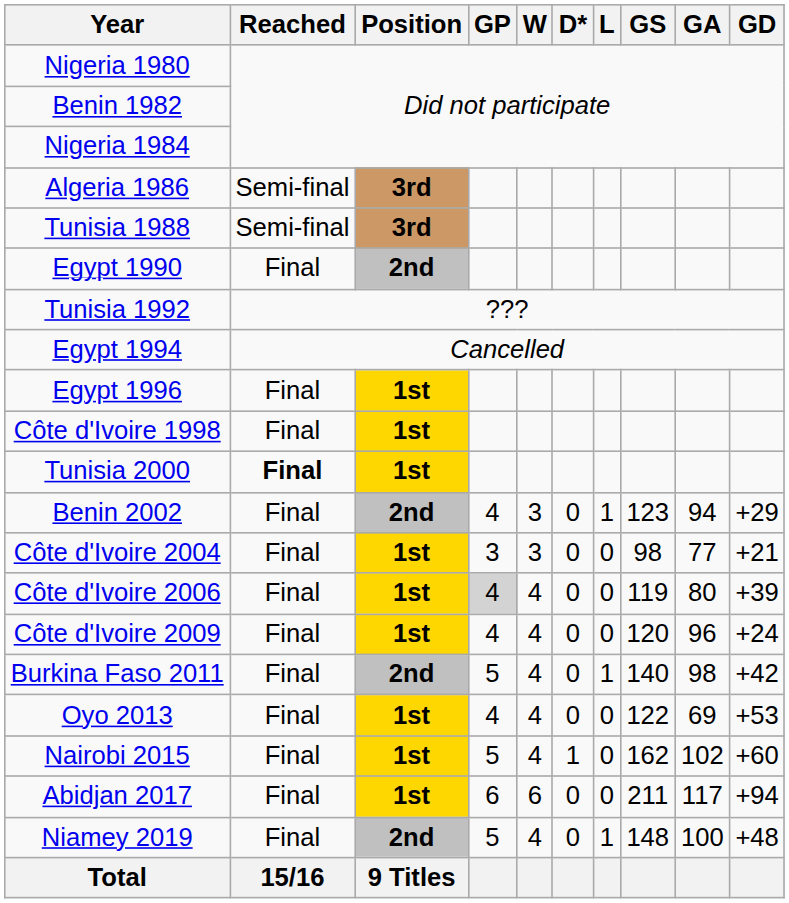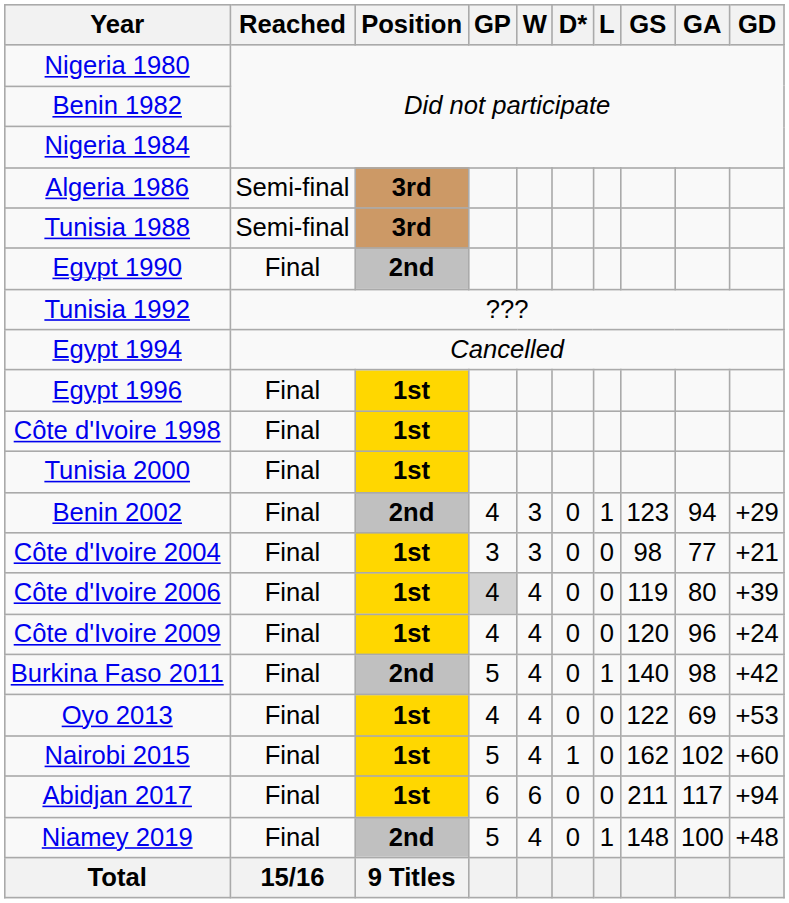 <table class="wikitable" style="text-align: center;">
 <tr>
 <th>Year</th>
 <th>Reached</th>
 <th>Position</th>
 <th>GP</th>
 <th>W</th>
 <th>D*</th>
 <th>L</th>
 <th>GS</th>
 <th>GA</th>
 <th>GD</th>
 </tr>
 <tr>
 <td><a href='#'>Nigeria 1980</a></td>
 <td rowspan="3" colspan="9"><em>Did not participate</em></td>
 </tr>
 <tr>
 <td><a href='#'>Benin 1982</a></td>
 </tr>
 <tr>
 <td><a href='#'>Nigeria 1984</a></td>
 </tr>
 <tr>
 <td><a href='#'>Algeria 1986</a></td>
 <td>Semi-final</td>
 <td bgcolor=#cc9966><strong>3rd</strong></td>
 <td></td>
 <td></td>
 <td></td>
 <td></td>
 <td></td>
 <td></td>
 <td></td>
 </tr>
 <tr>
 <td><a href='#'>Tunisia 1988</a></td>
 <td>Semi-final</td>
 <td bgcolor=#cc9966><strong>3rd</strong></td>
 <td></td>
 <td></td>
 <td></td>
 <td></td>
 <td></td>
 <td></td>
 <td></td>
 </tr>
 <tr>
 <td><a href='#'>Egypt 1990</a></td>
 <td>Final</td>
 <td bgcolor=silver><strong>2nd</strong></td>
 <td></td>
 <td></td>
 <td></td>
 <td></td>
 <td></td>
 <td></td>
 <td></td>
 </tr>
 <tr>
 <td><a href='#'>Tunisia 1992</a></td>
 <td colspan="9">???</td>
 </tr>
 <tr>
 <td><a href='#'>Egypt 1994</a></td>
 <td colspan="9"><em>Cancelled</em></td>
 </tr>
 <tr>
 <td><a href='#'>Egypt 1996</a></td>
 <td>Final</td>
 <td bgcolor=gold><strong>1st</strong></td>
 <td></td>
 <td></td>
 <td></td>
 <td></td>
 <td></td>
 <td></td>
 <td></td>
 </tr>
 <tr>
 <td><a href='#'>Côte d'Ivoire 1998</a></td>
 <td>Final</td>
 <td bgcolor=gold><strong>1st</strong></td>
 <td></td>
 <td></td>
 <td></td>
 <td></td>
 <td></td>
 <td></td>
 <td></td>
 </tr>
 <tr>
 <td><a href='#'>Tunisia 2000</a></td>
-<td><strong>Final</strong></td>
+<td>Final</td>
 <td bgcolor=gold><strong>1st</strong></td>
 <td></td>
 <td></td>
 <td></td>
 <td></td>
 <td></td>
 <td></td>
 <td></td>
 </tr>
 <tr>
 <td><a href='#'>Benin 2002</a></td>
 <td>Final</td>
 <td bgcolor=silver><strong>2nd</strong></td>
 <td>4</td>
 <td>3</td>
 <td>0</td>
 <td>1</td>
 <td>123</td>
 <td>94</td>
 <td>+29</td>
 </tr>
 <tr>
 <td><a href='#'>Côte d'Ivoire 2004</a></td>
 <td>Final</td>
 <td bgcolor=gold><strong>1st</strong></td>
 <td>3</td>
 <td>3</td>
 <td>0</td>
 <td>0</td>
 <td>98</td>
 <td>77</td>
 <td>+21</td>
 </tr>
 <tr>
 <td><a href='#'>Côte d'Ivoire 2006</a></td>
 <td>Final</td>
 <td bgcolor=gold><strong>1st</strong></td>
 <td style="background: lightgrey;">4</td>
 <td>4</td>
 <td>0</td>
 <td>0</td>
 <td>119</td>
 <td>80</td>
 <td>+39</td>
 </tr>
 <tr>
 <td><a href='#'>Côte d'Ivoire 2009</a></td>
 <td>Final</td>
 <td bgcolor=gold><strong>1st</strong></td>
 <td>4</td>
 <td>4</td>
 <td>0</td>
 <td>0</td>
 <td>120</td>
 <td>96</td>
 <td>+24</td>
 </tr>
 <tr>
 <td><a href='#'>Burkina Faso 2011</a></td>
 <td>Final</td>
 <td bgcolor=silver><strong>2nd</strong></td>
 <td>5</td>
 <td>4</td>
 <td>0</td>
 <td>1</td>
 <td>140</td>
 <td>98</td>
 <td>+42</td>
 </tr>
 <tr>
 <td><a href='#'>Oyo 2013</a></td>
 <td>Final</td>
 <td bgcolor=gold><strong>1st</strong></td>
 <td>4</td>
 <td>4</td>
 <td>0</td>
 <td>0</td>
 <td>122</td>
 <td>69</td>
 <td>+53</td>
 </tr>
 <tr>
 <td><a href='#'>Nairobi 2015</a></td>
 <td>Final</td>
 <td bgcolor=gold><strong>1st</strong></td>
 <td>5</td>
 <td>4</td>
 <td>1</td>
 <td>0</td>
 <td>162</td>
 <td>102</td>
 <td>+60</td>
 </tr>
 <tr>
 <td><a href='#'>Abidjan 2017</a></td>
 <td>Final</td>
 <td bgcolor=gold><strong>1st</strong></td>
 <td>6</td>
 <td>6</td>
 <td>0</td>
 <td>0</td>
 <td>211</td>
 <td>117</td>
 <td>+94</td>
 </tr>
 <tr>
 <td><a href='#'>Niamey 2019</a></td>
 <td>Final</td>
 <td bgcolor=silver><strong>2nd</strong></td>
 <td>5</td>
 <td>4</td>
 <td>0</td>
 <td>1</td>
 <td>148</td>
 <td>100</td>
 <td>+48</td>
 </tr>
 <tr>
 <th>Total</th>
 <th>15/16</th>
 <th>9 Titles</th>
 <th></th>
 <th></th>
 <th></th>
 <th></th>
 <th></th>
 <th></th>
 <th></th>
 </tr>
 </table>
